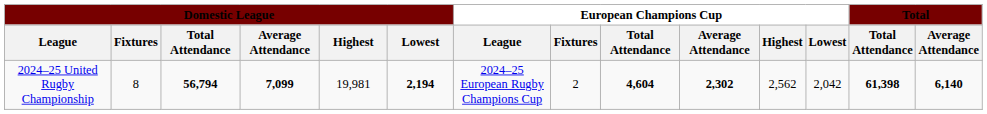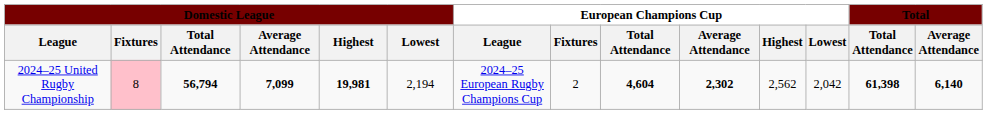 <table class="wikitable sortable" style="font-size:90%; width:90%;">
 <tr>
 <td colspan="6" class="wikitable sortable" style="width:45%; background:#770000; text-align:center;"><span><strong>Domestic League</strong></span></td>
 <td colspan="6" class="wikitable sortable" style="width:45%; background:#ffffff; text-align:center;"><span><strong>European Champions Cup</strong></span></td>
 <td colspan="2" class="wikitable sortable" style="width:45%; background:#770000; text-align:center;"><span><strong>Total</strong></span></td>
 </tr>
 <tr>
 <th style="width:15%;">League</th>
 <th style="width:5%;">Fixtures</th>
 <th style="width:10%;">Total Attendance</th>
 <th style="width:10%;">Average Attendance</th>
 <th style="width:10%;">Highest</th>
 <th style="width:10%;">Lowest</th>
 <th style="width:15%;">League</th>
 <th style="width:5%;">Fixtures</th>
 <th style="width:10%;">Total Attendance</th>
 <th style="width:10%;">Average Attendance</th>
 <th style="width:10%;">Highest</th>
 <th style="width:10%;">Lowest</th>
 <th style="width:10%;">Total Attendance</th>
 <th style="width:10%;"><strong>Average Attendance</strong></th>
 </tr>
 <tr>
 <td align="center"><a href='#'>2024–25 United Rugby Championship</a></td>
-<td align="center">8</td>
+<td align="center" style="background: pink;">8</td>
 <td align="center"><strong>56,794</strong></td>
 <td align="center"><strong>7,099</strong></td>
-<td align="center">19,981</td>
-<td align="center"><strong>2,194</strong></td>
+<td align="center"><strong>19,981</strong></td>
+<td align="center">2,194</td>
 <td align="center"><a href='#'>2024–25 European Rugby Champions Cup</a></td>
 <td align="center">2</td>
 <td align="center"><strong>4,604</strong></td>
 <td align="center"><strong>2,302</strong></td>
 <td align="center">2,562</td>
 <td align="center">2,042</td>
 <td align="center"><strong>61,398</strong></td>
 <td align="center"><strong>6,140</strong></td>
 </tr>
 </table>
